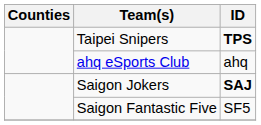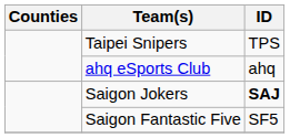 <table class="wikitable">
 <tr>
 <th>Counties</th>
 <th>Team(s)</th>
 <th>ID</th>
 </tr>
 <tr>
 <td rowspan=2></td>
 <td> Taipei Snipers</td>
-<td><strong>TPS</strong></td>
+<td>TPS</td>
 </tr>
 <tr>
 <td> <a href='#'>ahq eSports Club</a></td>
 <td>ahq</td>
 </tr>
 <tr>
 <td rowspan=2></td>
 <td> Saigon Jokers</td>
 <td><strong>SAJ</strong></td>
 </tr>
 <tr>
 <td> Saigon Fantastic Five</td>
 <td>SF5</td>
 </tr>
 <tr>
 </tr>
 </table>
